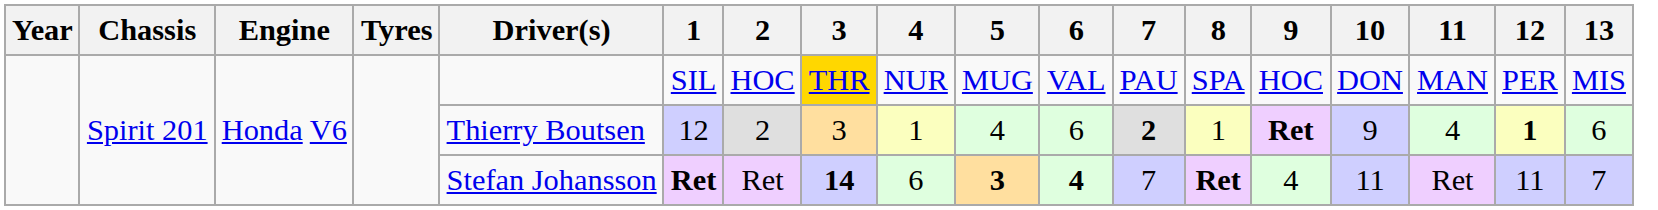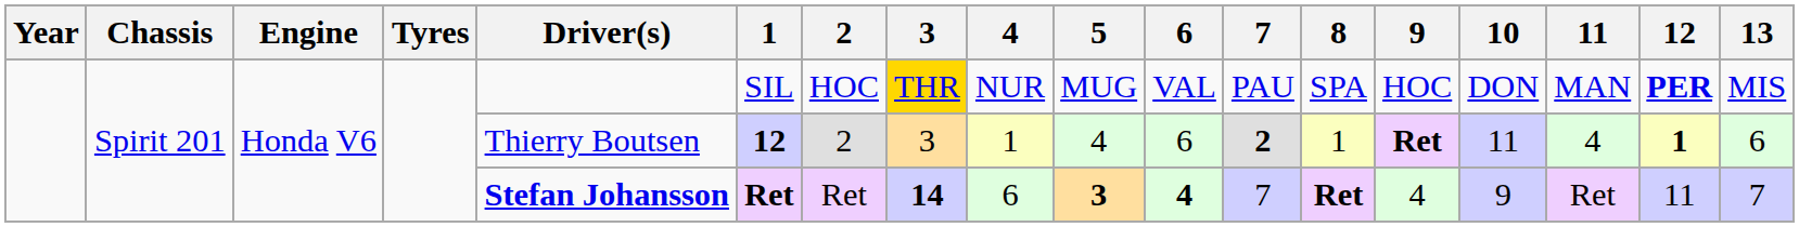 <table class="wikitable" style="text-align:center; font-size:95%">
 <tr>
 <th>Year</th>
 <th>Chassis</th>
 <th>Engine</th>
 <th>Tyres</th>
 <th>Driver(s)</th>
 <th>1</th>
 <th>2</th>
 <th>3</th>
 <th>4</th>
 <th>5</th>
 <th>6</th>
 <th>7</th>
 <th>8</th>
 <th>9</th>
 <th>10</th>
 <th>11</th>
 <th>12</th>
 <th>13</th>
 </tr>
 <tr>
 <td rowspan=3></td>
 <td rowspan=3><a href='#'>Spirit 201</a></td>
 <td rowspan=3><a href='#'>Honda</a> <a href='#'>V6</a></td>
 <td rowspan=3></td>
 <td></td>
 <td><a href='#'>SIL</a></td>
 <td><a href='#'>HOC</a></td>
 <td style="background: gold;"><a href='#'>THR</a></td>
 <td><a href='#'>NUR</a></td>
 <td><a href='#'>MUG</a></td>
 <td><a href='#'>VAL</a></td>
 <td><a href='#'>PAU</a></td>
 <td><a href='#'>SPA</a></td>
 <td><a href='#'>HOC</a></td>
 <td><a href='#'>DON</a></td>
 <td><a href='#'>MAN</a></td>
-<td><a href='#'>PER</a></td>
+<td><strong><a href='#'>PER</a></strong></td>
 <td><a href='#'>MIS</a></td>
 </tr>
 <tr>
 <td align="left"><a href='#'>Thierry Boutsen</a></td>
-<td style="background:#CFCFFF;">12</td>
+<td style="background:#CFCFFF;"><strong>12</strong></td>
 <td style="background:#DFDFDF;">2</td>
 <td style="background:#FFDF9F;">3</td>
 <td style="background:#FBFFBF;">1</td>
 <td style="background:#DFFFDF;">4</td>
 <td style="background:#DFFFDF;">6</td>
 <td style="background:#DFDFDF;"><strong>2</strong></td>
 <td style="background:#FBFFBF;">1</td>
 <td style="background:#EFCFFF;"><strong>Ret</strong></td>
-<td style="background:#CFCFFF;">9</td>
+<td style="background:#CFCFFF;">11</td>
 <td style="background:#DFFFDF;">4</td>
 <td style="background:#FBFFBF;"><strong>1</strong></td>
 <td style="background:#DFFFDF;">6</td>
 </tr>
 <tr>
-<td align="left"><a href='#'>Stefan Johansson</a></td>
+<td align="left"><strong><a href='#'>Stefan Johansson</a></strong></td>
 <td style="background:#EFCFFF;"><strong>Ret</strong></td>
 <td style="background:#EFCFFF;">Ret</td>
 <td style="background:#CFCFFF;"><strong>14</strong></td>
 <td style="background:#DFFFDF;">6</td>
 <td style="background:#FFDF9F;"><strong>3</strong></td>
 <td style="background:#DFFFDF;"><strong>4</strong></td>
 <td style="background:#CFCFFF;">7</td>
 <td style="background:#EFCFFF;"><strong>Ret</strong></td>
 <td style="background:#DFFFDF;">4</td>
-<td style="background:#CFCFFF;">11</td>
+<td style="background:#CFCFFF;">9</td>
 <td style="background:#EFCFFF;">Ret</td>
 <td style="background:#CFCFFF;">11</td>
 <td style="background:#CFCFFF;">7</td>
 </tr>
 </table>
